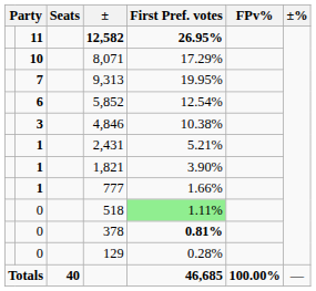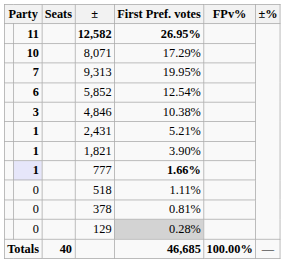 <table class=wikitable>
 <tr>
 <th colspan=2 align=center>Party</th>
 <th valign=top>Seats</th>
 <th valign=top>±</th>
 <th valign=top>First Pref. votes</th>
 <th valign=top>FPv%</th>
 <th valign=top>±%</th>
 </tr>
 <tr>
 <td></td>
 <td align=right><strong>11</strong></td>
 <td align=right></td>
 <td align=right><strong>12,582</strong></td>
 <td align=right><strong>26.95%</strong></td>
 <td align=right></td>
 </tr>
 <tr>
 <td></td>
 <td align=right><strong>10</strong></td>
 <td align=right></td>
 <td align=right>8,071</td>
 <td align=right>17.29%</td>
 <td align=right></td>
 </tr>
 <tr>
 <td></td>
 <td align=right><strong>7</strong></td>
 <td align=right></td>
 <td align=right>9,313</td>
 <td align=right>19.95%</td>
 <td align=right></td>
 </tr>
 <tr>
 <td></td>
 <td align=right><strong>6</strong></td>
 <td align=right></td>
 <td align=right>5,852</td>
 <td align=right>12.54%</td>
 <td align=right></td>
 </tr>
 <tr>
 <td></td>
 <td align=right><strong>3</strong></td>
 <td align=right></td>
 <td align=right>4,846</td>
 <td align=right>10.38%</td>
 <td align=right></td>
 </tr>
 <tr>
 <td></td>
 <td align=right><strong>1</strong></td>
 <td align=right></td>
 <td align=right>2,431</td>
 <td align=right>5.21%</td>
 <td align=right></td>
 </tr>
 <tr>
 <td></td>
 <td align=right><strong>1</strong></td>
 <td align=right></td>
 <td align=right>1,821</td>
 <td align=right>3.90%</td>
 <td align=right></td>
 </tr>
 <tr>
 <td></td>
-<td align=right><strong>1</strong></td>
+<td align=right style="background: lavender;"><strong>1</strong></td>
 <td align=right></td>
 <td align=right>777</td>
-<td align=right>1.66%</td>
+<td align=right><strong>1.66%</strong></td>
 <td align=right></td>
 </tr>
 <tr>
 <td></td>
 <td align=right>0</td>
 <td align=right></td>
 <td align=right>518</td>
-<td align=right style="background: lightgreen;">1.11%</td>
+<td align=right>1.11%</td>
 <td align=right></td>
 </tr>
 <tr>
 <td></td>
 <td align=right>0</td>
 <td align=right></td>
 <td align=right>378</td>
-<td align=right><strong>0.81%</strong></td>
+<td align=right>0.81%</td>
 <td align=right></td>
 </tr>
 <tr>
 <td></td>
 <td align=right>0</td>
 <td align=right></td>
 <td align=right>129</td>
-<td align=right>0.28%</td>
+<td align=right style="background: lightgrey;">0.28%</td>
 <td align=right></td>
 </tr>
 <tr>
 <td colspan=2 align=center><strong>Totals</strong></td>
 <td align=right><strong>40</strong></td>
 <td align=center></td>
 <td align=right><strong>46,685</strong></td>
 <td align=center><strong>100.00%</strong></td>
 <td align=center>—</td>
 </tr>
 </table>
